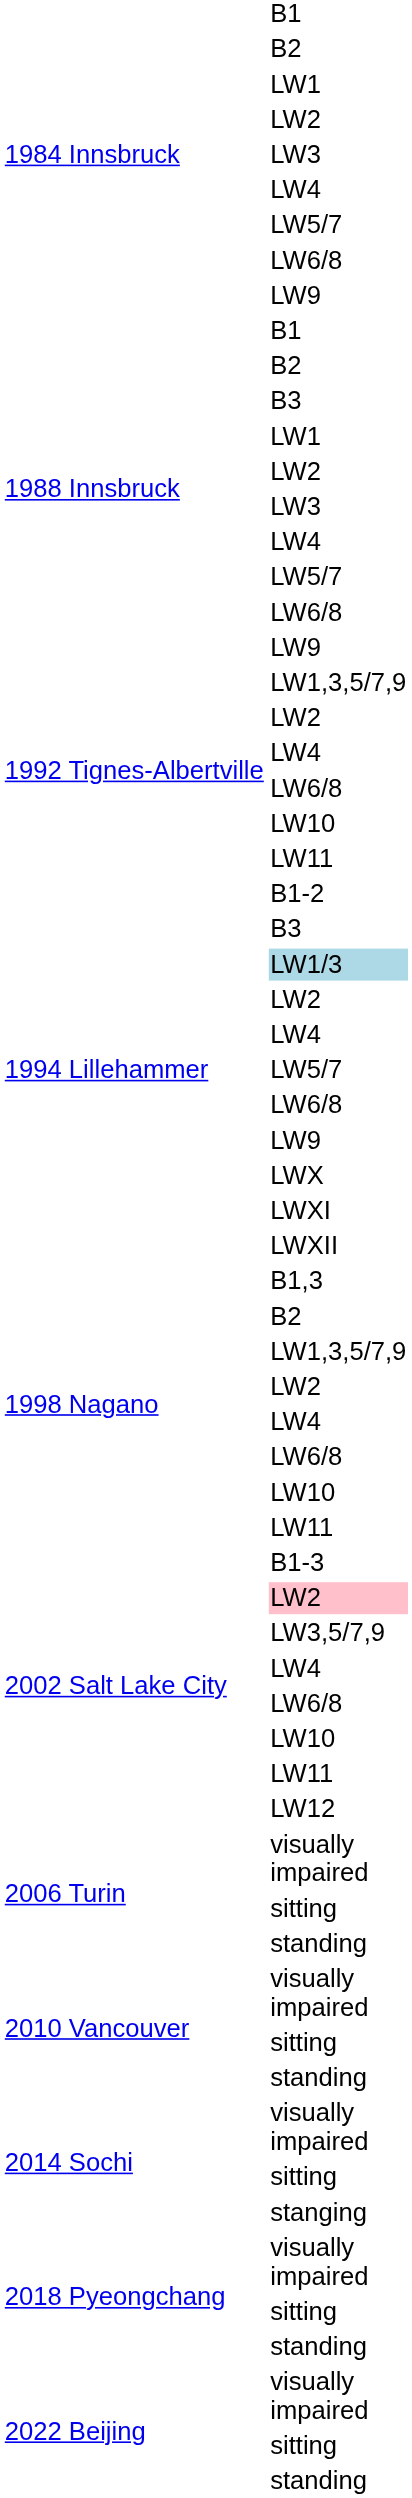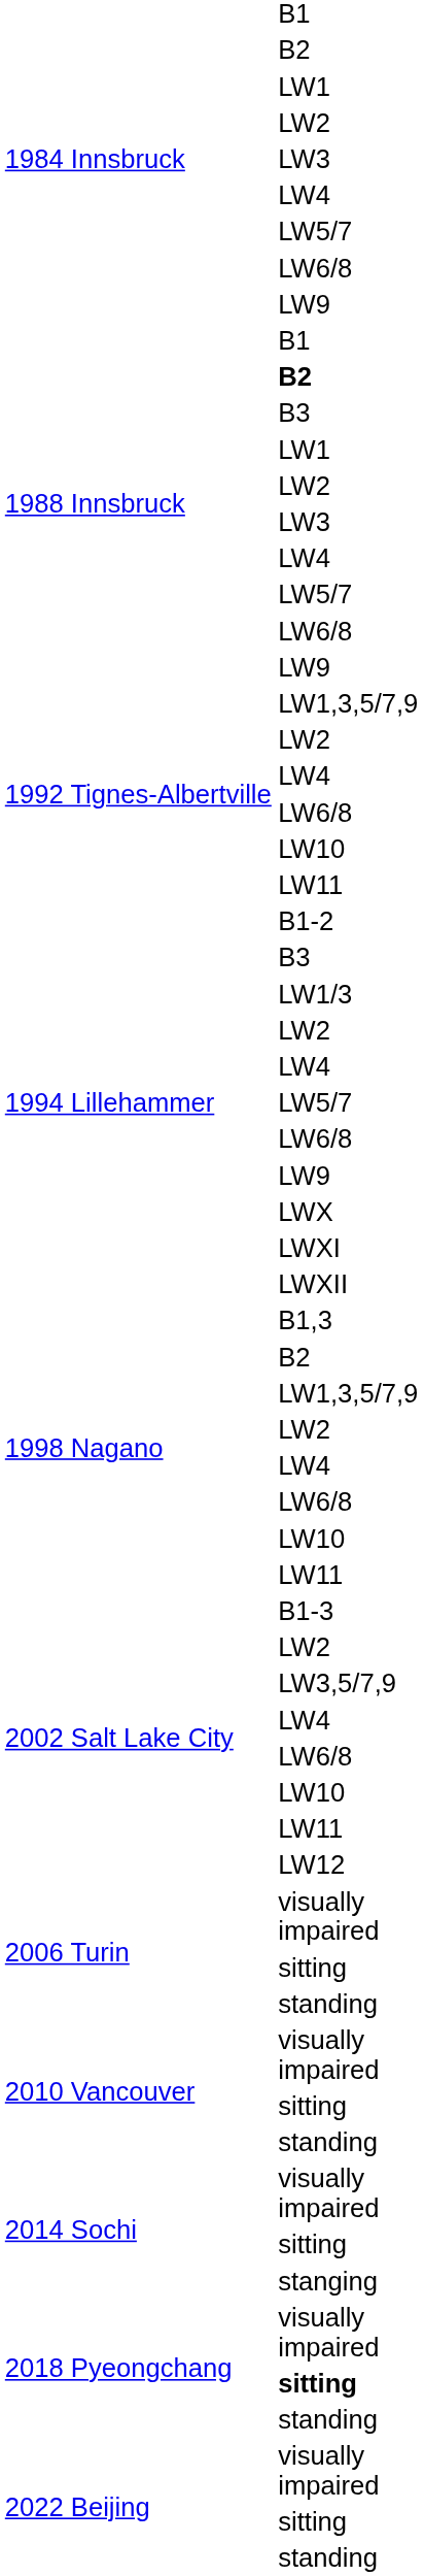 <table>
 <tr>
 <td rowspan="9"><a href='#'>1984 Innsbruck</a><br></td>
 <td>B1</td>
 <td></td>
 <td></td>
 <td></td>
 </tr>
 <tr>
 <td>B2</td>
 <td></td>
 <td></td>
 <td></td>
 </tr>
 <tr>
 <td>LW1</td>
 <td></td>
 <td></td>
 <td></td>
 </tr>
 <tr>
 <td>LW2</td>
 <td></td>
 <td></td>
 <td></td>
 </tr>
 <tr>
 <td>LW3</td>
 <td></td>
 <td></td>
 <td></td>
 </tr>
 <tr>
 <td>LW4</td>
 <td></td>
 <td></td>
 <td></td>
 </tr>
 <tr>
 <td>LW5/7</td>
 <td></td>
 <td></td>
 <td></td>
 </tr>
 <tr>
 <td>LW6/8</td>
 <td></td>
 <td></td>
 <td></td>
 </tr>
 <tr>
 <td>LW9</td>
 <td></td>
 <td></td>
 <td></td>
 </tr>
 <tr>
 <td rowspan="10"><a href='#'>1988 Innsbruck</a><br></td>
 <td>B1</td>
 <td></td>
 <td></td>
 <td></td>
 </tr>
 <tr>
-<td>B2</td>
+<td><strong>B2</strong></td>
 <td></td>
 <td></td>
 <td></td>
 </tr>
 <tr>
 <td>B3</td>
 <td></td>
 <td></td>
 <td></td>
 </tr>
 <tr>
 <td>LW1</td>
 <td></td>
 <td></td>
 <td></td>
 </tr>
 <tr>
 <td>LW2</td>
 <td></td>
 <td></td>
 <td></td>
 </tr>
 <tr>
 <td>LW3</td>
 <td></td>
 <td></td>
 <td></td>
 </tr>
 <tr>
 <td>LW4</td>
 <td></td>
 <td></td>
 <td></td>
 </tr>
 <tr>
 <td>LW5/7</td>
 <td></td>
 <td></td>
 <td></td>
 </tr>
 <tr>
 <td>LW6/8</td>
 <td></td>
 <td></td>
 <td></td>
 </tr>
 <tr>
 <td>LW9</td>
 <td></td>
 <td></td>
 <td></td>
 </tr>
 <tr>
 <td rowspan="6"><a href='#'>1992 Tignes-Albertville</a><br></td>
 <td>LW1,3,5/7,9</td>
 <td></td>
 <td></td>
 <td></td>
 </tr>
 <tr>
 <td>LW2</td>
 <td></td>
 <td></td>
 <td></td>
 </tr>
 <tr>
 <td>LW4</td>
 <td></td>
 <td></td>
 <td></td>
 </tr>
 <tr>
 <td>LW6/8</td>
 <td></td>
 <td></td>
 <td></td>
 </tr>
 <tr>
 <td>LW10</td>
 <td></td>
 <td></td>
 <td></td>
 </tr>
 <tr>
 <td>LW11</td>
 <td></td>
 <td></td>
 <td></td>
 </tr>
 <tr>
 <td rowspan="11"><a href='#'>1994 Lillehammer</a><br></td>
 <td>B1-2</td>
 <td></td>
 <td></td>
 <td></td>
 </tr>
 <tr>
 <td>B3</td>
 <td></td>
 <td></td>
 <td></td>
 </tr>
 <tr>
-<td style="background: lightblue;">LW1/3</td>
+<td>LW1/3</td>
 <td></td>
 <td></td>
 <td></td>
 </tr>
 <tr>
 <td>LW2</td>
 <td></td>
 <td></td>
 <td></td>
 </tr>
 <tr>
 <td>LW4</td>
 <td></td>
 <td></td>
 <td></td>
 </tr>
 <tr>
 <td>LW5/7</td>
 <td></td>
 <td></td>
 <td></td>
 </tr>
 <tr>
 <td>LW6/8</td>
 <td></td>
 <td></td>
 <td></td>
 </tr>
 <tr>
 <td>LW9</td>
 <td></td>
 <td></td>
 <td></td>
 </tr>
 <tr>
 <td>LWX</td>
 <td></td>
 <td></td>
 <td></td>
 </tr>
 <tr>
 <td>LWXI</td>
 <td></td>
 <td></td>
 <td></td>
 </tr>
 <tr>
 <td>LWXII</td>
 <td></td>
 <td></td>
 <td></td>
 </tr>
 <tr>
 <td rowspan="8"><a href='#'>1998 Nagano</a><br></td>
 <td>B1,3</td>
 <td></td>
 <td></td>
 <td></td>
 </tr>
 <tr>
 <td>B2</td>
 <td></td>
 <td></td>
 <td></td>
 </tr>
 <tr>
 <td>LW1,3,5/7,9</td>
 <td></td>
 <td></td>
 <td></td>
 </tr>
 <tr>
 <td>LW2</td>
 <td></td>
 <td></td>
 <td></td>
 </tr>
 <tr>
 <td>LW4</td>
 <td></td>
 <td></td>
 <td></td>
 </tr>
 <tr>
 <td>LW6/8</td>
 <td></td>
 <td></td>
 <td></td>
 </tr>
 <tr>
 <td>LW10</td>
 <td></td>
 <td></td>
 <td></td>
 </tr>
 <tr>
 <td>LW11</td>
 <td></td>
 <td></td>
 <td></td>
 </tr>
 <tr>
 <td rowspan="8"><a href='#'>2002 Salt Lake City</a><br></td>
 <td>B1-3</td>
 <td></td>
 <td></td>
 <td></td>
 </tr>
 <tr>
-<td style="background: pink;">LW2</td>
+<td>LW2</td>
 <td></td>
 <td></td>
 <td></td>
 </tr>
 <tr>
 <td>LW3,5/7,9</td>
 <td></td>
 <td></td>
 <td></td>
 </tr>
 <tr>
 <td>LW4</td>
 <td></td>
 <td></td>
 <td></td>
 </tr>
 <tr>
 <td>LW6/8</td>
 <td></td>
 <td></td>
 <td></td>
 </tr>
 <tr>
 <td>LW10</td>
 <td></td>
 <td></td>
 <td></td>
 </tr>
 <tr>
 <td>LW11</td>
 <td></td>
 <td></td>
 <td></td>
 </tr>
 <tr>
 <td>LW12</td>
 <td></td>
 <td></td>
 <td></td>
 </tr>
 <tr>
 <td rowspan="3"><a href='#'>2006 Turin</a><br></td>
 <td>visually <br>impaired</td>
 <td></td>
 <td></td>
 <td></td>
 </tr>
 <tr>
 <td>sitting</td>
 <td></td>
 <td></td>
 <td></td>
 </tr>
 <tr>
 <td>standing</td>
 <td></td>
 <td></td>
 <td></td>
 </tr>
 <tr>
 <td rowspan="3"><a href='#'>2010 Vancouver</a><br></td>
 <td>visually <br>impaired</td>
 <td></td>
 <td></td>
 <td></td>
 </tr>
 <tr>
 <td>sitting</td>
 <td></td>
 <td></td>
 <td></td>
 </tr>
 <tr>
 <td>standing</td>
 <td></td>
 <td> <br> </td>
 <td></td>
 </tr>
 <tr>
 <td rowspan="3"><a href='#'>2014 Sochi</a><br></td>
 <td>visually <br>impaired</td>
 <td></td>
 <td></td>
 <td></td>
 </tr>
 <tr>
 <td>sitting</td>
 <td></td>
 <td></td>
 <td></td>
 </tr>
 <tr>
 <td>stanging</td>
 <td></td>
 <td></td>
 <td></td>
 </tr>
 <tr>
 <td rowspan="3"><a href='#'>2018 Pyeongchang</a><br></td>
 <td>visually <br>impaired</td>
 <td></td>
 <td></td>
 <td></td>
 </tr>
 <tr>
-<td>sitting</td>
+<td><strong>sitting</strong></td>
 <td></td>
 <td></td>
 <td></td>
 </tr>
 <tr>
 <td>standing</td>
 <td></td>
 <td></td>
 <td></td>
 </tr>
 <tr>
 <td rowspan="3"><a href='#'>2022 Beijing</a><br></td>
 <td>visually <br>impaired</td>
 <td></td>
 <td></td>
 <td></td>
 </tr>
 <tr>
 <td>sitting</td>
 <td></td>
 <td></td>
 <td></td>
 </tr>
 <tr>
 <td>standing</td>
 <td></td>
 <td></td>
 <td></td>
 </tr>
 </table>
